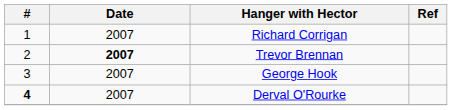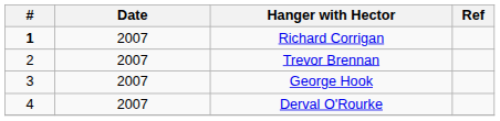 <table class="wikitable">
 <tr>
 <th width="50" rowspan="1">#</th>
 <th width="170" rowspan="1">Date</th>
 <th width="270" rowspan="1">Hanger with Hector</th>
 <th width="40" rowspan="1">Ref</th>
 </tr>
 <tr>
-<td align="center">1</td>
+<td align="center"><strong>1</strong></td>
 <td align="center">2007</td>
 <td align="center"><a href='#'>Richard Corrigan</a></td>
 <td align="center"></td>
 </tr>
 <tr>
 <td align="center">2</td>
-<td align="center"><strong>2007</strong></td>
+<td align="center">2007</td>
 <td align="center"><a href='#'>Trevor Brennan</a></td>
 <td align="center"></td>
 </tr>
 <tr>
 <td align="center">3</td>
 <td align="center">2007</td>
 <td align="center"><a href='#'>George Hook</a></td>
 <td align="center"></td>
 </tr>
 <tr>
-<td align="center"><strong>4</strong></td>
+<td align="center">4</td>
 <td align="center">2007</td>
 <td align="center"><a href='#'>Derval O'Rourke</a></td>
 <td align="center"></td>
 </tr>
 <tr>
 </tr>
 </table>
